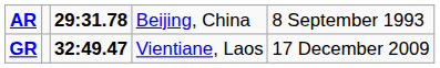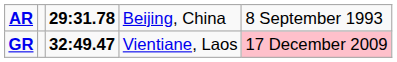 <table class="wikitable" style="font-size:95%; position:relative;">
 <tr>
 <td align=center><strong><a href='#'>AR</a></strong></td>
 <td></td>
 <td><strong>29:31.78</strong></td>
 <td><a href='#'>Beijing</a>, China</td>
 <td>8 September 1993</td>
 </tr>
 <tr>
 <td align=center><strong><a href='#'>GR</a></strong></td>
 <td></td>
 <td><strong>32:49.47</strong></td>
 <td><a href='#'>Vientiane</a>, Laos</td>
-<td>17 December 2009</td>
+<td style="background: pink;">17 December 2009</td>
 </tr>
 </table>
